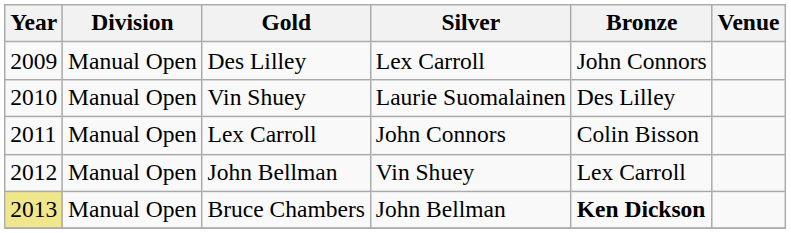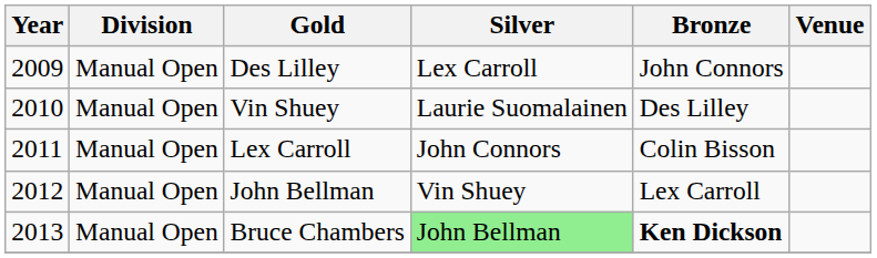 <table class="wikitable sortable" style="text-align: left;">
 <tr>
 <th>Year</th>
 <th>Division</th>
 <th> Gold</th>
 <th> Silver</th>
 <th> Bronze</th>
 <th>Venue</th>
 </tr>
 <tr>
 <td>2009</td>
 <td>Manual Open</td>
 <td> Des Lilley</td>
 <td> Lex Carroll</td>
 <td> John Connors</td>
 <td></td>
 </tr>
 <tr>
 <td>2010</td>
 <td>Manual Open</td>
 <td> Vin Shuey</td>
 <td> Laurie Suomalainen</td>
 <td> Des Lilley</td>
 <td></td>
 </tr>
 <tr>
 <td>2011</td>
 <td>Manual Open</td>
 <td> Lex Carroll</td>
 <td> John Connors</td>
 <td> Colin Bisson</td>
 <td></td>
 </tr>
 <tr>
 <td>2012</td>
 <td>Manual Open</td>
 <td> John Bellman</td>
 <td> Vin Shuey</td>
 <td> Lex Carroll</td>
 <td></td>
 </tr>
 <tr>
-<td style="background: khaki;">2013</td>
+<td>2013</td>
 <td>Manual Open</td>
 <td> Bruce Chambers</td>
-<td> John Bellman</td>
+<td style="background: lightgreen;"> John Bellman</td>
 <td><strong> Ken Dickson</strong></td>
 <td></td>
 </tr>
 <tr>
 </tr>
 </table>
